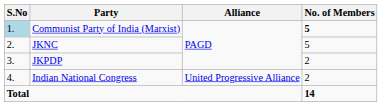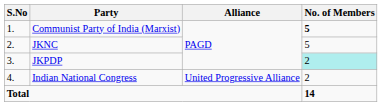 <table class="wikitable">
 <tr>
 <th>S.No</th>
 <th>Party</th>
 <th>Alliance</th>
 <th>No. of Members</th>
 </tr>
 <tr>
-<td style="background: lightblue;">1.</td>
+<td>1.</td>
 <td><a href='#'>Communist Party of India (Marxist)</a></td>
 <td rowspan="3"><a href='#'>PAGD</a></td>
 <td><strong>5</strong></td>
 </tr>
 <tr>
 <td>2.</td>
 <td><a href='#'>JKNC</a></td>
 <td>5</td>
 </tr>
 <tr>
 <td>3.</td>
 <td><a href='#'>JKPDP</a></td>
-<td>2</td>
+<td style="background: paleturquoise;">2</td>
 </tr>
 <tr>
 <td>4.</td>
 <td><a href='#'>Indian National Congress</a></td>
 <td><a href='#'>United Progressive Alliance</a></td>
 <td>2</td>
 </tr>
 <tr>
 <td colspan="3"><strong>Total</strong></td>
 <td><strong>14</strong></td>
 </tr>
 </table>
